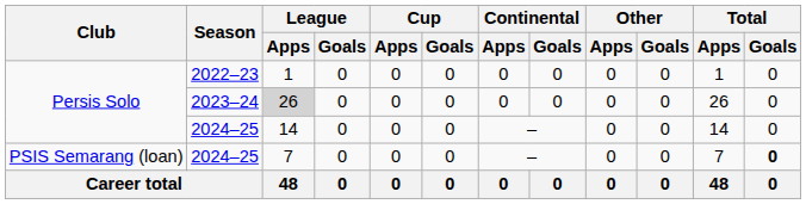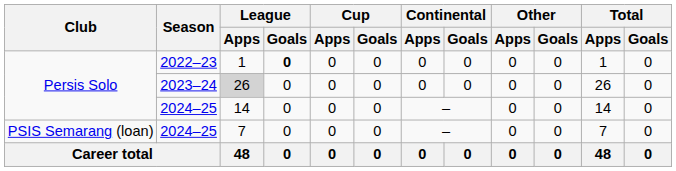 <table class="wikitable" style="text-align: center">
 <tr>
 <th rowspan="2">Club</th>
 <th rowspan="2">Season</th>
 <th colspan="2">League</th>
 <th colspan="2">Cup</th>
 <th colspan="2">Continental</th>
 <th colspan="2">Other</th>
 <th colspan="2">Total</th>
 </tr>
 <tr>
 <th>Apps</th>
 <th>Goals</th>
 <th>Apps</th>
 <th>Goals</th>
 <th>Apps</th>
 <th>Goals</th>
 <th>Apps</th>
 <th>Goals</th>
 <th>Apps</th>
 <th>Goals</th>
 </tr>
 <tr>
 <td rowspan="3"><a href='#'>Persis Solo</a></td>
 <td><a href='#'>2022–23</a></td>
 <td>1</td>
-<td>0</td>
+<td><strong>0</strong></td>
 <td>0</td>
 <td>0</td>
 <td>0</td>
 <td>0</td>
 <td>0</td>
 <td>0</td>
 <td>1</td>
 <td>0</td>
 </tr>
 <tr>
 <td><a href='#'>2023–24</a></td>
 <td style="background: lightgrey;">26</td>
 <td>0</td>
 <td>0</td>
 <td>0</td>
 <td>0</td>
 <td>0</td>
 <td>0</td>
 <td>0</td>
 <td>26</td>
 <td>0</td>
 </tr>
 <tr>
 <td><a href='#'>2024–25</a></td>
 <td>14</td>
 <td>0</td>
 <td>0</td>
 <td>0</td>
 <td colspan="2">–</td>
 <td>0</td>
 <td>0</td>
 <td>14</td>
 <td>0</td>
 </tr>
 <tr>
 <td><a href='#'>PSIS Semarang</a> (loan)</td>
 <td><a href='#'>2024–25</a></td>
 <td>7</td>
 <td>0</td>
 <td>0</td>
 <td>0</td>
 <td colspan="2">–</td>
 <td>0</td>
 <td>0</td>
 <td>7</td>
-<td><strong>0</strong></td>
+<td>0</td>
 </tr>
 <tr>
 <th colspan=2>Career total</th>
 <th>48</th>
 <th>0</th>
 <th>0</th>
 <th>0</th>
 <th>0</th>
 <th>0</th>
 <th>0</th>
 <th>0</th>
 <th>48</th>
 <th>0</th>
 </tr>
 </table>
